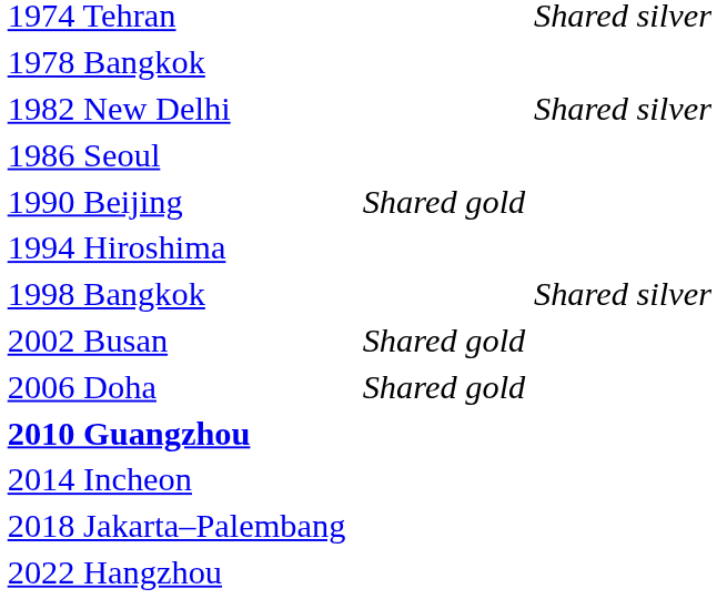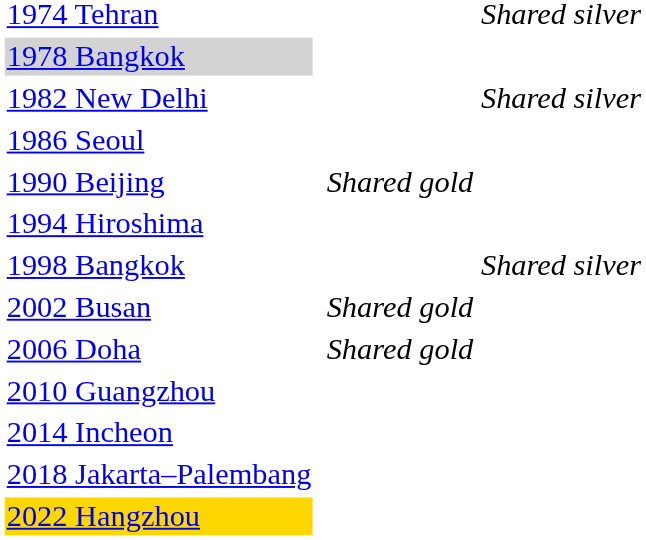 <table>
 <tr>
 <td rowspan=2><a href='#'>1974 Tehran</a></td>
 <td rowspan=2></td>
 <td></td>
 <td rowspan=2><em>Shared silver</em></td>
 </tr>
 <tr>
 <td></td>
 </tr>
 <tr>
-<td><a href='#'>1978 Bangkok</a></td>
+<td style="background: lightgrey;"><a href='#'>1978 Bangkok</a></td>
 <td></td>
 <td></td>
 <td></td>
 </tr>
 <tr>
 <td rowspan=3><a href='#'>1982 New Delhi</a></td>
 <td rowspan=3></td>
 <td></td>
 <td rowspan=3><em>Shared silver</em></td>
 </tr>
 <tr>
 <td></td>
 </tr>
 <tr>
 <td></td>
 </tr>
 <tr>
 <td rowspan=2><a href='#'>1986 Seoul</a></td>
 <td rowspan=2></td>
 <td rowspan=2></td>
 <td></td>
 </tr>
 <tr>
 <td></td>
 </tr>
 <tr>
 <td rowspan=2><a href='#'>1990 Beijing</a></td>
 <td></td>
 <td rowspan=2><em>Shared gold</em></td>
 <td></td>
 </tr>
 <tr>
 <td></td>
 <td></td>
 </tr>
 <tr>
 <td><a href='#'>1994 Hiroshima</a></td>
 <td></td>
 <td></td>
 <td></td>
 </tr>
 <tr>
 <td rowspan=4><a href='#'>1998 Bangkok</a></td>
 <td rowspan=4></td>
 <td></td>
 <td rowspan=4><em>Shared silver</em></td>
 </tr>
 <tr>
 <td></td>
 </tr>
 <tr>
 <td></td>
 </tr>
 <tr>
 <td></td>
 </tr>
 <tr>
 <td rowspan=2><a href='#'>2002 Busan</a></td>
 <td></td>
 <td rowspan=2><em>Shared gold</em></td>
 <td rowspan=2></td>
 </tr>
 <tr>
 <td></td>
 </tr>
 <tr>
 <td rowspan=2><a href='#'>2006 Doha</a></td>
 <td></td>
 <td rowspan=2><em>Shared gold</em></td>
 <td rowspan=2></td>
 </tr>
 <tr>
 <td></td>
 </tr>
 <tr>
-<td><strong><a href='#'>2010 Guangzhou</a></strong></td>
+<td><a href='#'>2010 Guangzhou</a></td>
 <td></td>
 <td></td>
 <td></td>
 </tr>
 <tr>
 <td><a href='#'>2014 Incheon</a></td>
 <td></td>
 <td></td>
 <td></td>
 </tr>
 <tr>
 <td><a href='#'>2018 Jakarta–Palembang</a></td>
 <td></td>
 <td></td>
 <td></td>
 </tr>
 <tr>
-<td><a href='#'>2022 Hangzhou</a></td>
+<td style="background: gold;"><a href='#'>2022 Hangzhou</a></td>
 <td></td>
 <td></td>
 <td></td>
 </tr>
 </table>
